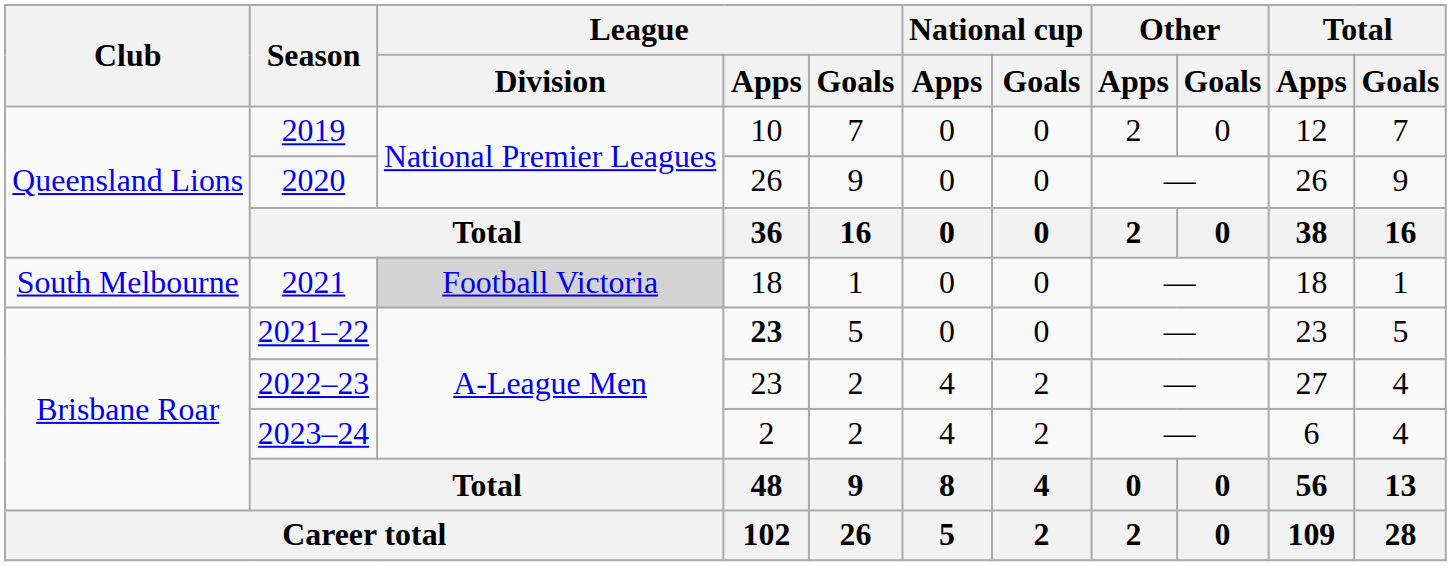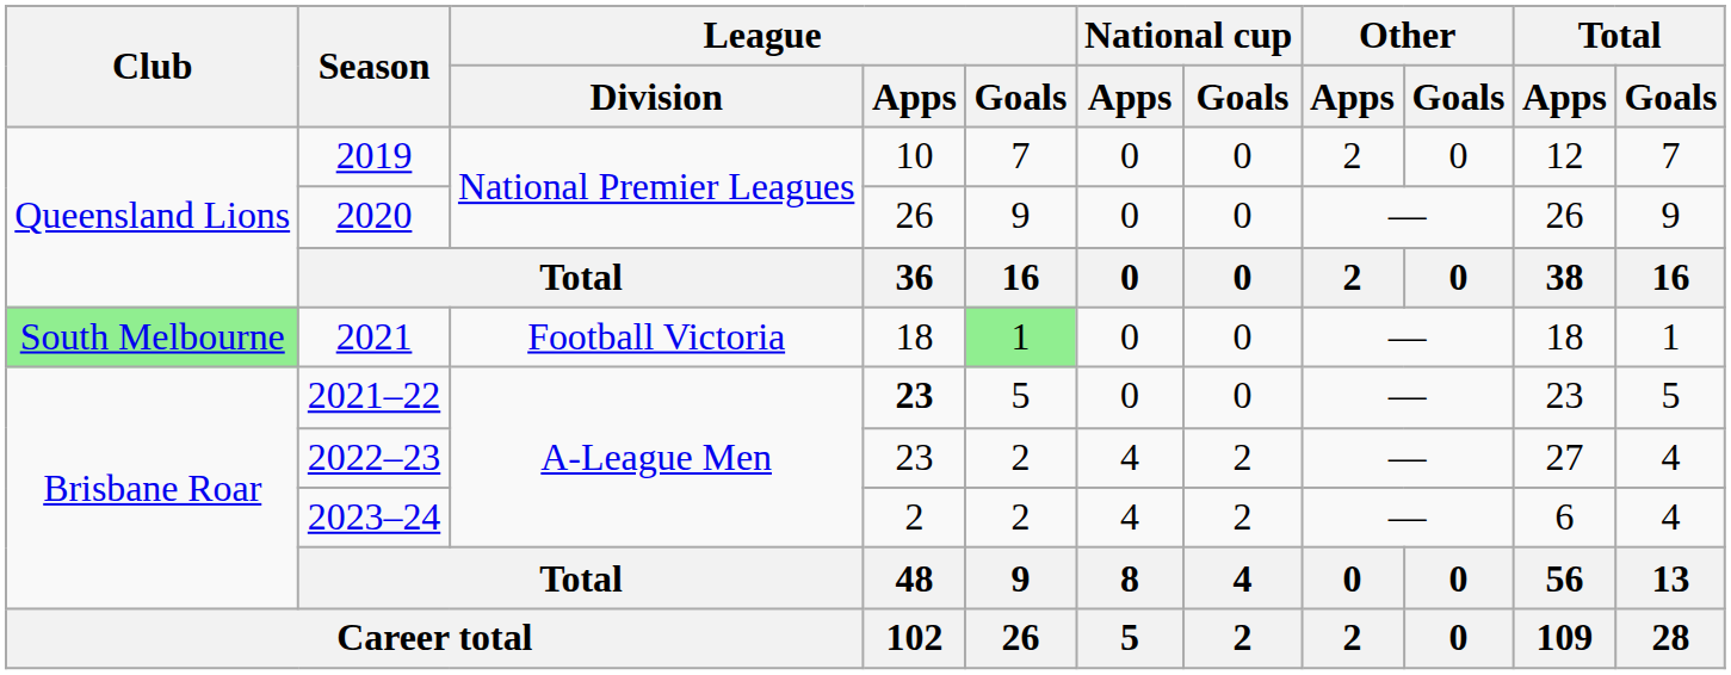 <table class="wikitable" style="text-align:center">
 <tr>
 <th rowspan="2">Club</th>
 <th rowspan="2">Season</th>
 <th colspan="3">League</th>
 <th colspan="2">National cup</th>
 <th colspan="2">Other</th>
 <th colspan="2">Total</th>
 </tr>
 <tr>
 <th>Division</th>
 <th>Apps</th>
 <th>Goals</th>
 <th>Apps</th>
 <th>Goals</th>
 <th>Apps</th>
 <th>Goals</th>
 <th>Apps</th>
 <th>Goals</th>
 </tr>
 <tr>
 <td rowspan="3"><a href='#'>Queensland Lions</a></td>
 <td><a href='#'>2019</a></td>
 <td rowspan="2"><a href='#'>National Premier Leagues</a></td>
 <td>10</td>
 <td>7</td>
 <td>0</td>
 <td>0</td>
 <td>2</td>
 <td>0</td>
 <td>12</td>
 <td>7</td>
 </tr>
 <tr>
 <td><a href='#'>2020</a></td>
 <td>26</td>
 <td>9</td>
 <td>0</td>
 <td>0</td>
 <td colspan="2">—</td>
 <td>26</td>
 <td>9</td>
 </tr>
 <tr>
 <th colspan="2">Total</th>
 <th>36</th>
 <th>16</th>
 <th>0</th>
 <th>0</th>
 <th>2</th>
 <th>0</th>
 <th>38</th>
 <th>16</th>
 </tr>
 <tr>
-<td><a href='#'>South Melbourne</a></td>
+<td style="background: lightgreen;"><a href='#'>South Melbourne</a></td>
 <td><a href='#'>2021</a></td>
-<td style="background: lightgrey;"><a href='#'>Football Victoria</a></td>
+<td><a href='#'>Football Victoria</a></td>
 <td>18</td>
-<td>1</td>
+<td style="background: lightgreen;">1</td>
 <td>0</td>
 <td>0</td>
 <td colspan="2">—</td>
 <td>18</td>
 <td>1</td>
 </tr>
 <tr>
 <td rowspan="4"><a href='#'>Brisbane Roar</a></td>
 <td><a href='#'>2021–22</a></td>
 <td rowspan="3"><a href='#'>A-League Men</a></td>
 <td><strong>23</strong></td>
 <td>5</td>
 <td>0</td>
 <td>0</td>
 <td colspan="2">—</td>
 <td>23</td>
 <td>5</td>
 </tr>
 <tr>
 <td><a href='#'>2022–23</a></td>
 <td>23</td>
 <td>2</td>
 <td>4</td>
 <td>2</td>
 <td colspan="2">—</td>
 <td>27</td>
 <td>4</td>
 </tr>
 <tr>
 <td><a href='#'>2023–24</a></td>
 <td>2</td>
 <td>2</td>
 <td>4</td>
 <td>2</td>
 <td colspan="2">—</td>
 <td>6</td>
 <td>4</td>
 </tr>
 <tr>
 <th colspan="2">Total</th>
 <th>48</th>
 <th>9</th>
 <th>8</th>
 <th>4</th>
 <th>0</th>
 <th>0</th>
 <th>56</th>
 <th>13</th>
 </tr>
 <tr>
 <th colspan="3">Career total</th>
 <th>102</th>
 <th>26</th>
 <th>5</th>
 <th>2</th>
 <th>2</th>
 <th>0</th>
 <th>109</th>
 <th>28</th>
 </tr>
 </table>
